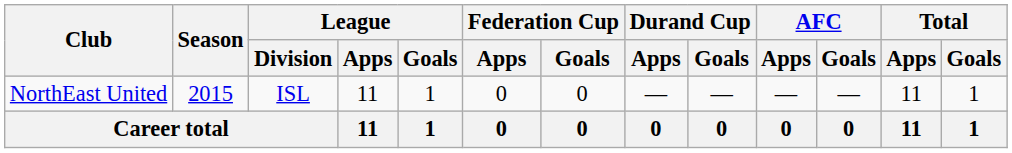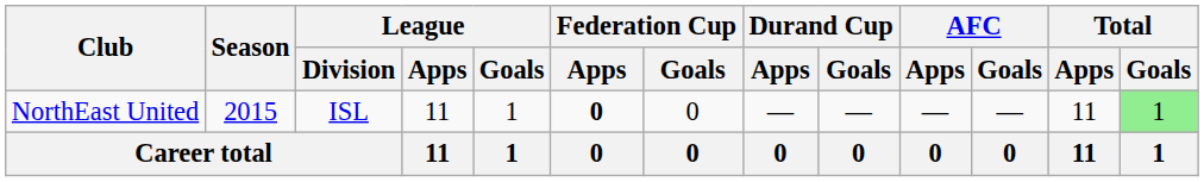 <table class="wikitable" style="text-align: center;">
 <tr>
 <th rowspan="2">Club</th>
 <th rowspan="2">Season</th>
 <th colspan="3">League</th>
 <th colspan="2">Federation Cup</th>
 <th colspan="2">Durand Cup</th>
 <th colspan="2"><a href='#'>AFC</a></th>
 <th colspan="2">Total</th>
 </tr>
 <tr>
 <th>Division</th>
 <th>Apps</th>
 <th>Goals</th>
 <th>Apps</th>
 <th>Goals</th>
 <th>Apps</th>
 <th>Goals</th>
 <th>Apps</th>
 <th>Goals</th>
 <th>Apps</th>
 <th>Goals</th>
 </tr>
 <tr>
 <td rowspan="1"><a href='#'>NorthEast United</a></td>
 <td><a href='#'>2015</a></td>
 <td><a href='#'>ISL</a></td>
 <td>11</td>
 <td>1</td>
-<td>0</td>
+<td><strong>0</strong></td>
 <td>0</td>
 <td>—</td>
 <td>—</td>
 <td>—</td>
 <td>—</td>
 <td>11</td>
-<td>1</td>
+<td style="background: lightgreen;">1</td>
 </tr>
 <tr>
 <th colspan="3">Career total</th>
 <th>11</th>
 <th>1</th>
 <th>0</th>
 <th>0</th>
 <th>0</th>
 <th>0</th>
 <th>0</th>
 <th>0</th>
 <th>11</th>
 <th>1</th>
 </tr>
 </table>
